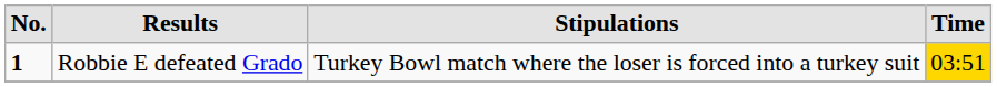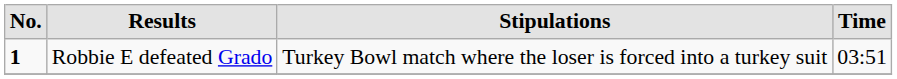 <table style="font-size: 100%; text-align: left;" class="wikitable">
 <tr>
 <th style="border-style: none none solid solid; background: #e3e3e3;"><strong>No.</strong></th>
 <th style="border-style: none none solid solid; background: #e3e3e3;"><strong>Results</strong></th>
 <th style="border-style: none none solid solid; background: #e3e3e3;"><strong>Stipulations</strong></th>
 <th style="border-style: none none solid solid; background: #e3e3e3;"><strong>Time</strong></th>
 </tr>
 <tr>
 <td><strong>1</strong></td>
 <td>Robbie E defeated <a href='#'>Grado</a></td>
 <td>Turkey Bowl match where the loser is forced into a turkey suit</td>
-<td style="background: gold;">03:51</td>
+<td>03:51</td>
 </tr>
 <tr>
 </tr>
 </table>
